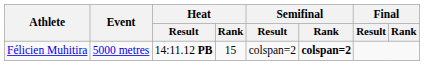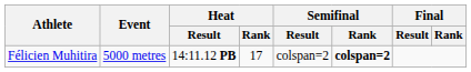 <table class="wikitable" style="font-size:90%">
 <tr>
 <th rowspan="2">Athlete</th>
 <th rowspan="2">Event</th>
 <th colspan="2">Heat</th>
 <th colspan="2">Semifinal</th>
 <th colspan="2">Final</th>
 </tr>
 <tr style="font-size:95%">
 <th>Result</th>
 <th>Rank</th>
 <th>Result</th>
 <th>Rank</th>
 <th>Result</th>
 <th>Rank</th>
 </tr>
 <tr style=text-align:center>
 <td style=text-align:left><a href='#'>Félicien Muhitira</a></td>
 <td style=text-align:left><a href='#'>5000 metres</a></td>
 <td>14:11.12 <strong>PB</strong></td>
-<td>15</td>
+<td>17</td>
 <td>colspan=2 </td>
 <td><strong>colspan=2 </strong></td>
 </tr>
 </table>
